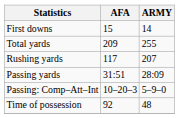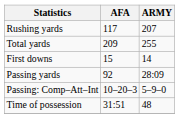 <table class="wikitable" style="float: left;">
 <tr>
 <th>Statistics</th>
 <th>AFA</th>
 <th>ARMY</th>
 </tr>
 <tr>
-<td>First downs</td>
-<td>15</td>
-<td>14</td>
+<td>Rushing yards</td>
+<td>117</td>
+<td>207</td>
 </tr>
 <tr>
 <td>Total yards</td>
 <td>209</td>
 <td>255</td>
 </tr>
 <tr>
-<td>Rushing yards</td>
-<td>117</td>
-<td>207</td>
+<td>First downs</td>
+<td>15</td>
+<td>14</td>
 </tr>
 <tr>
 <td>Passing yards</td>
-<td>31:51</td>
+<td>92</td>
 <td>28:09</td>
 </tr>
 <tr>
 <td>Passing: Comp–Att–Int</td>
 <td>10–20–3</td>
 <td>5–9–0</td>
 </tr>
 <tr>
 <td>Time of possession</td>
-<td>92</td>
+<td>31:51</td>
 <td>48</td>
 </tr>
 <tr>
 </tr>
 </table>
